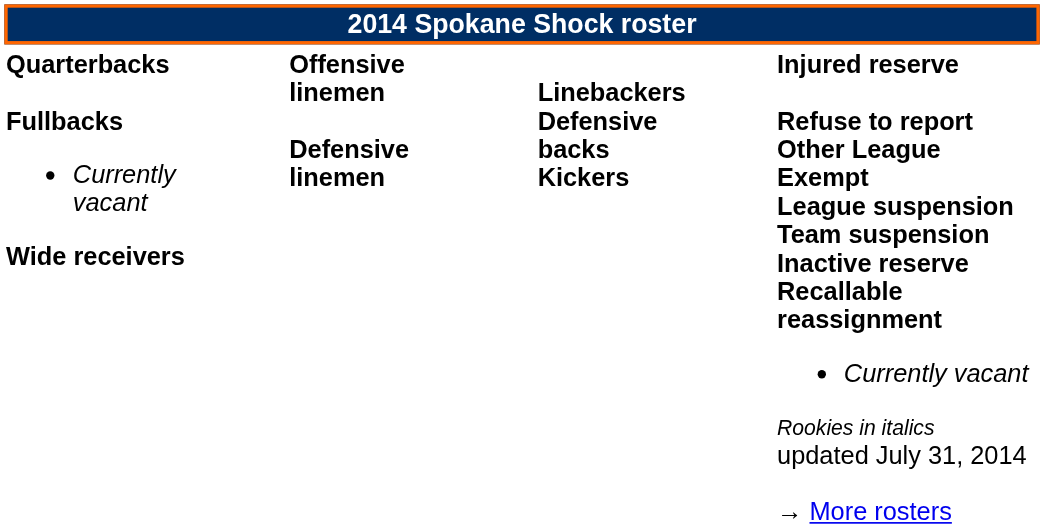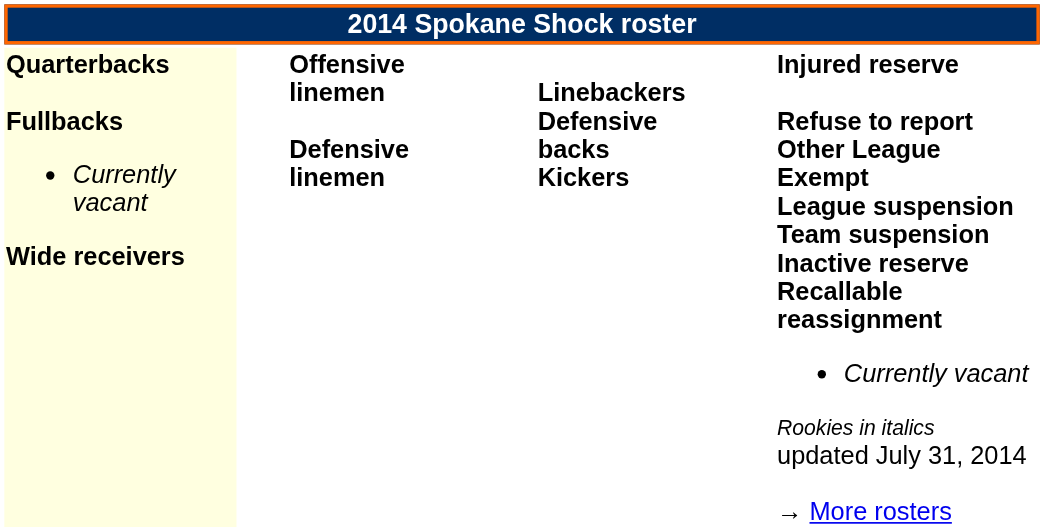 <table class="toccolours" style="text-align: left;">
 <tr>
 <th colspan=7 style="background:#002E64; border: 2px solid #FF6600; color:white; text-align:center;"><strong>2014 Spokane Shock roster</strong></th>
 </tr>
 <tr>
-<td style="font-size: 95%;" valign="top"><strong>Quarterbacks</strong><br> <br><strong>Fullbacks</strong><ul><li><em>Currently vacant</em></li></ul><strong>Wide receivers</strong>    </td>
+<td style="background: lightyellow; font-size: 95%;" valign="top"><strong>Quarterbacks</strong><br> <br><strong>Fullbacks</strong><ul><li><em>Currently vacant</em></li></ul><strong>Wide receivers</strong>    </td>
 <td style="width: 25px;"></td>
 <td style="font-size: 95%;" valign="top"><strong>Offensive linemen</strong><br>    <br><strong>Defensive linemen</strong>      </td>
 <td style="width: 25px;"></td>
 <td style="font-size: 95%;" valign="top"><br><strong>Linebackers</strong>  <br><strong>Defensive backs</strong>     <br><strong>Kickers</strong> </td>
 <td style="width: 25px;"></td>
 <td style="font-size: 95%;" valign="top"><strong>Injured reserve</strong><br>        <br><strong>Refuse to report</strong>  <br><strong>Other League Exempt</strong>   <br><strong>League suspension</strong> <br><strong>Team suspension</strong> <br><strong>Inactive reserve</strong> <br><strong>Recallable reassignment</strong><ul><li><em>Currently vacant</em></li></ul><small><em>Rookies in italics</em></small><br> <span></span> updated July 31, 2014<br> <br>→ <a href='#'>More rosters</a></td>
 </tr>
 <tr>
 </tr>
 </table>
